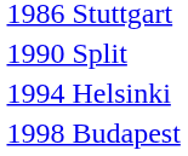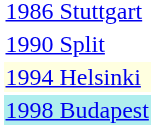 <table>
 <tr>
 <td><a href='#'>1986 Stuttgart</a><br></td>
 <td></td>
 <td></td>
 <td></td>
 </tr>
 <tr>
 <td><a href='#'>1990 Split</a><br></td>
 <td></td>
 <td></td>
 <td></td>
 </tr>
 <tr>
-<td><a href='#'>1994 Helsinki</a><br></td>
+<td style="background: lightyellow;"><a href='#'>1994 Helsinki</a><br></td>
 <td></td>
 <td></td>
 <td></td>
 </tr>
 <tr>
-<td><a href='#'>1998 Budapest</a><br></td>
+<td style="background: paleturquoise;"><a href='#'>1998 Budapest</a><br></td>
 <td></td>
 <td></td>
 <td></td>
 </tr>
 </table>
